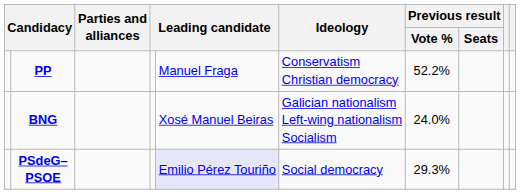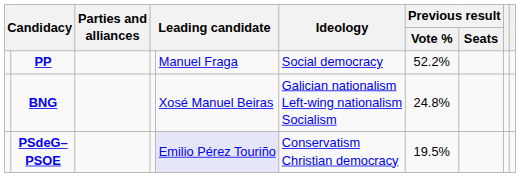 <table class="wikitable" style="line-height:1.35em; text-align:left;">
 <tr>
 <th colspan="2" rowspan="2">Candidacy</th>
 <th rowspan="2">Parties and<br>alliances</th>
 <th colspan="2" rowspan="2">Leading candidate</th>
 <th rowspan="2">Ideology</th>
 <th colspan="2">Previous result</th>
 <th rowspan="2"></th>
 <th rowspan="2"></th>
 </tr>
 <tr>
 <th>Vote %</th>
 <th>Seats</th>
 </tr>
 <tr>
 <td width="1" style="color:inherit;background:"></td>
 <td align="center"><strong><a href='#'>PP</a></strong></td>
 <td></td>
 <td></td>
 <td><a href='#'>Manuel Fraga</a></td>
-<td><a href='#'>Conservatism</a><br><a href='#'>Christian democracy</a></td>
+<td><a href='#'>Social democracy</a></td>
 <td align="center">52.2%</td>
 <td></td>
 <td></td>
 <td></td>
 </tr>
 <tr>
 <td style="color:inherit;background:"></td>
 <td align="center"><strong><a href='#'>BNG</a></strong></td>
 <td></td>
 <td></td>
 <td><a href='#'>Xosé Manuel Beiras</a></td>
 <td><a href='#'>Galician nationalism</a><br><a href='#'>Left-wing nationalism</a><br><a href='#'>Socialism</a></td>
-<td align="center">24.0%</td>
+<td align="center">24.8%</td>
 <td></td>
 <td></td>
 <td></td>
 </tr>
 <tr>
 <td style="color:inherit;background:"></td>
 <td align="center"><strong><a href='#'>PSdeG–<br>PSOE</a></strong></td>
 <td></td>
 <td></td>
 <td style="background: lavender;"><a href='#'>Emilio Pérez Touriño</a></td>
-<td><a href='#'>Social democracy</a></td>
-<td align="center">29.3%</td>
+<td><a href='#'>Conservatism</a><br><a href='#'>Christian democracy</a></td>
+<td align="center">19.5%</td>
 <td></td>
 <td></td>
 <td></td>
 </tr>
 </table>
